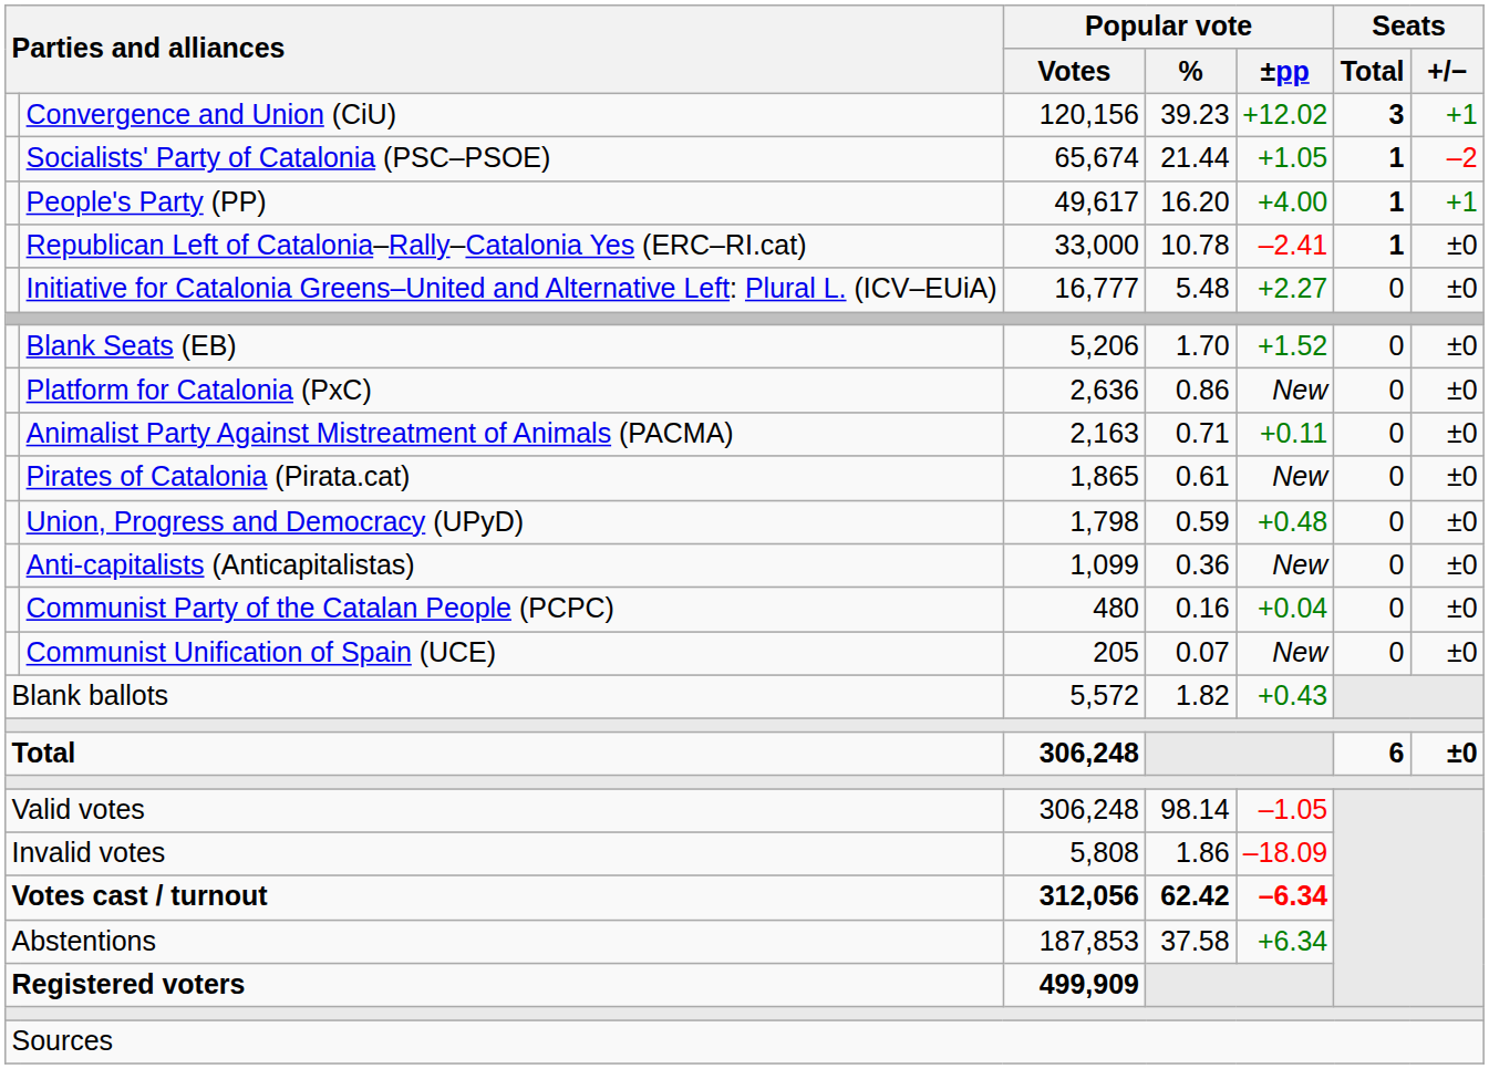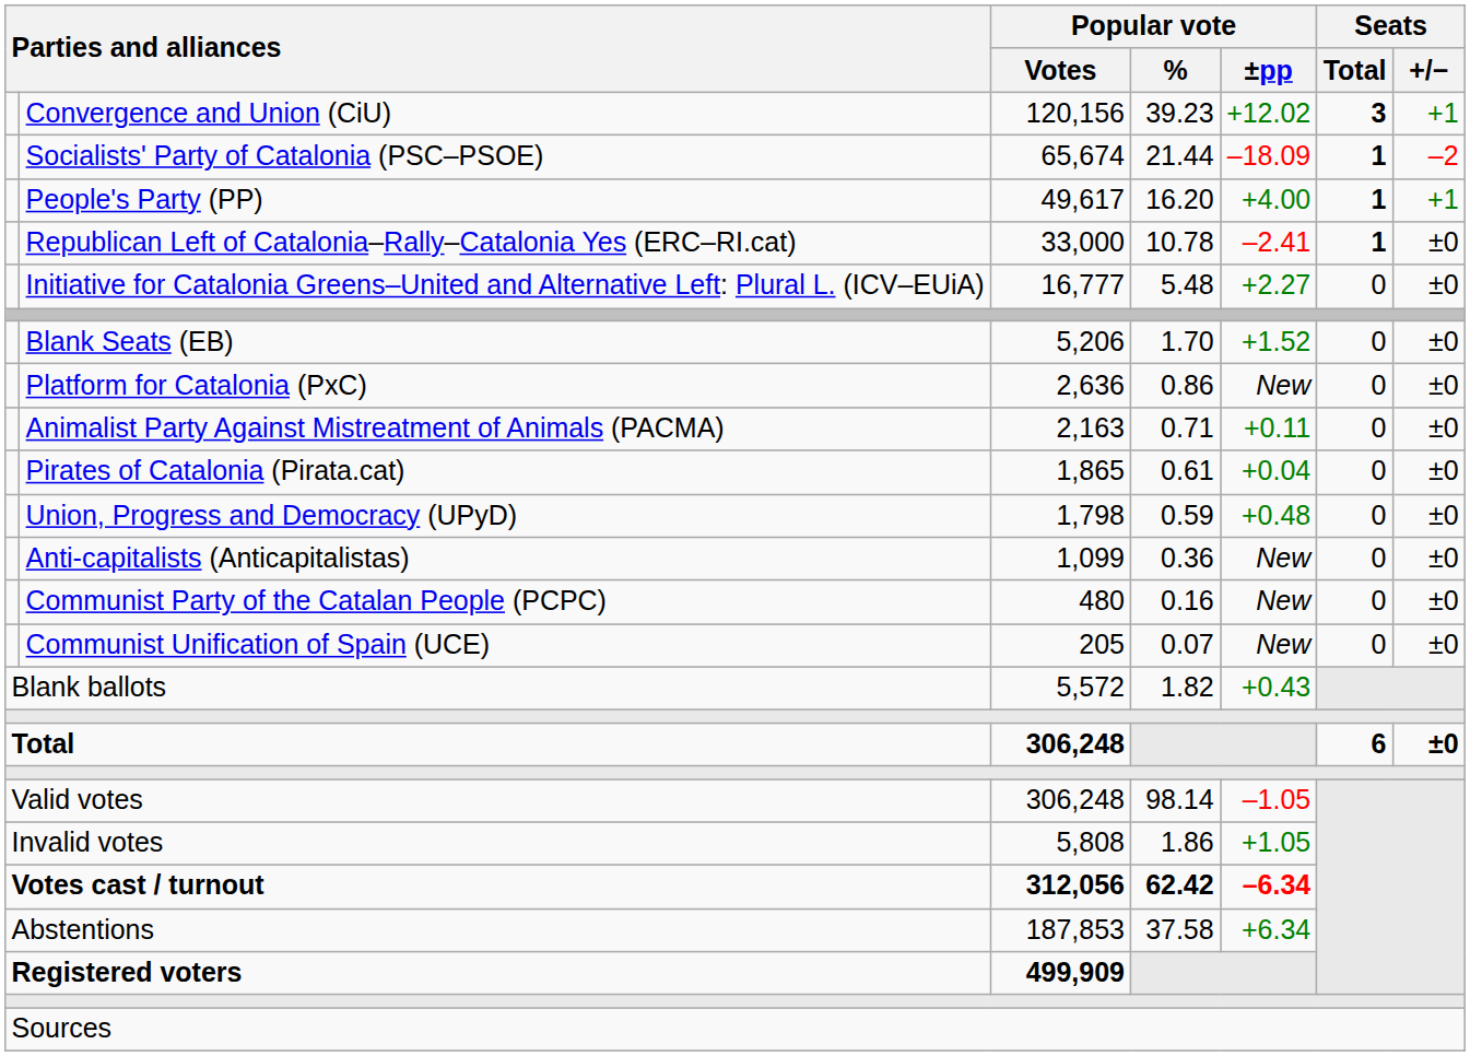 <table class="wikitable" style="text-align:right;">
 <tr>
 <th style="text-align:left;" rowspan="2" colspan="2" width="525">Parties and alliances</th>
 <th colspan="3">Popular vote</th>
 <th colspan="2">Seats</th>
 </tr>
 <tr>
 <th width="75">Votes</th>
 <th width="45">%</th>
 <th width="45">±<a href='#'>pp</a></th>
 <th width="35">Total</th>
 <th width="35">+/−</th>
 </tr>
 <tr>
 <td width="1" style="color:inherit;background:"></td>
 <td align="left"><a href='#'>Convergence and Union</a> (CiU)</td>
 <td>120,156</td>
 <td>39.23</td>
 <td style="color:green;">+12.02</td>
 <td><strong>3</strong></td>
 <td style="color:green;">+1</td>
 </tr>
 <tr>
 <td style="color:inherit;background:"></td>
 <td align="left"><a href='#'>Socialists' Party of Catalonia</a> (PSC–PSOE)</td>
 <td>65,674</td>
 <td>21.44</td>
-<td style="color:green;">+1.05</td>
+<td style="color:red;">–18.09</td>
 <td><strong>1</strong></td>
 <td style="color:red;">–2</td>
 </tr>
 <tr>
 <td style="color:inherit;background:"></td>
 <td align="left"><a href='#'>People's Party</a> (PP)</td>
 <td>49,617</td>
 <td>16.20</td>
 <td style="color:green;">+4.00</td>
 <td><strong>1</strong></td>
 <td style="color:green;">+1</td>
 </tr>
 <tr>
 <td style="color:inherit;background:"></td>
 <td align="left"><a href='#'>Republican Left of Catalonia</a>–<a href='#'>Rally</a>–<a href='#'>Catalonia Yes</a> (ERC–RI.cat)</td>
 <td>33,000</td>
 <td>10.78</td>
 <td style="color:red;">–2.41</td>
 <td><strong>1</strong></td>
 <td>±0</td>
 </tr>
 <tr>
 <td style="color:inherit;background:"></td>
 <td align="left"><a href='#'>Initiative for Catalonia Greens–United and Alternative Left</a>: <a href='#'>Plural L.</a> (ICV–EUiA)</td>
 <td>16,777</td>
 <td>5.48</td>
 <td style="color:green;">+2.27</td>
 <td>0</td>
 <td>±0</td>
 </tr>
 <tr>
 <td colspan="7" bgcolor="#C0C0C0"></td>
 </tr>
 <tr>
 <td style="color:inherit;background:"></td>
 <td align="left"><a href='#'>Blank Seats</a> (EB)</td>
 <td>5,206</td>
 <td>1.70</td>
 <td style="color:green;">+1.52</td>
 <td>0</td>
 <td>±0</td>
 </tr>
 <tr>
 <td style="color:inherit;background:"></td>
 <td align="left"><a href='#'>Platform for Catalonia</a> (PxC)</td>
 <td>2,636</td>
 <td>0.86</td>
 <td><em>New</em></td>
 <td>0</td>
 <td>±0</td>
 </tr>
 <tr>
 <td style="color:inherit;background:"></td>
 <td align="left"><a href='#'>Animalist Party Against Mistreatment of Animals</a> (PACMA)</td>
 <td>2,163</td>
 <td>0.71</td>
 <td style="color:green;">+0.11</td>
 <td>0</td>
 <td>±0</td>
 </tr>
 <tr>
 <td style="color:inherit;background:"></td>
 <td align="left"><a href='#'>Pirates of Catalonia</a> (Pirata.cat)</td>
 <td>1,865</td>
 <td>0.61</td>
-<td><em>New</em></td>
+<td style="color:green;">+0.04</td>
 <td>0</td>
 <td>±0</td>
 </tr>
 <tr>
 <td style="color:inherit;background:"></td>
 <td align="left"><a href='#'>Union, Progress and Democracy</a> (UPyD)</td>
 <td>1,798</td>
 <td>0.59</td>
 <td style="color:green;">+0.48</td>
 <td>0</td>
 <td>±0</td>
 </tr>
 <tr>
 <td style="color:inherit;background:"></td>
 <td align="left"><a href='#'>Anti-capitalists</a> (Anticapitalistas)</td>
 <td>1,099</td>
 <td>0.36</td>
 <td><em>New</em></td>
 <td>0</td>
 <td>±0</td>
 </tr>
 <tr>
 <td style="color:inherit;background:"></td>
 <td align="left"><a href='#'>Communist Party of the Catalan People</a> (PCPC)</td>
 <td>480</td>
 <td>0.16</td>
-<td style="color:green;">+0.04</td>
+<td><em>New</em></td>
 <td>0</td>
 <td>±0</td>
 </tr>
 <tr>
 <td style="color:inherit;background:"></td>
 <td align="left"><a href='#'>Communist Unification of Spain</a> (UCE)</td>
 <td>205</td>
 <td>0.07</td>
 <td><em>New</em></td>
 <td>0</td>
 <td>±0</td>
 </tr>
 <tr>
 <td align="left" colspan="2">Blank ballots</td>
 <td>5,572</td>
 <td>1.82</td>
 <td style="color:green;">+0.43</td>
 <td bgcolor="#E9E9E9" colspan="2"></td>
 </tr>
 <tr>
 <td colspan="7" bgcolor="#E9E9E9"></td>
 </tr>
 <tr style="font-weight:bold;">
 <td align="left" colspan="2">Total</td>
 <td>306,248</td>
 <td bgcolor="#E9E9E9" colspan="2"></td>
 <td>6</td>
 <td>±0</td>
 </tr>
 <tr>
 <td colspan="7" bgcolor="#E9E9E9"></td>
 </tr>
 <tr>
 <td align="left" colspan="2">Valid votes</td>
 <td>306,248</td>
 <td>98.14</td>
 <td style="color:red;">–1.05</td>
 <td bgcolor="#E9E9E9" colspan="2" rowspan="5"></td>
 </tr>
 <tr>
 <td align="left" colspan="2">Invalid votes</td>
 <td>5,808</td>
 <td>1.86</td>
-<td style="color:red;">–18.09</td>
+<td style="color:green;">+1.05</td>
 </tr>
 <tr style="font-weight:bold;">
 <td align="left" colspan="2">Votes cast / turnout</td>
 <td>312,056</td>
 <td>62.42</td>
 <td style="color:red;">–6.34</td>
 </tr>
 <tr>
 <td align="left" colspan="2">Abstentions</td>
 <td>187,853</td>
 <td>37.58</td>
 <td style="color:green;">+6.34</td>
 </tr>
 <tr style="font-weight:bold;">
 <td align="left" colspan="2">Registered voters</td>
 <td>499,909</td>
 <td bgcolor="#E9E9E9" colspan="2"></td>
 </tr>
 <tr>
 <td colspan="7" bgcolor="#E9E9E9"></td>
 </tr>
 <tr>
 <td align="left" colspan="7">Sources</td>
 </tr>
 </table>
